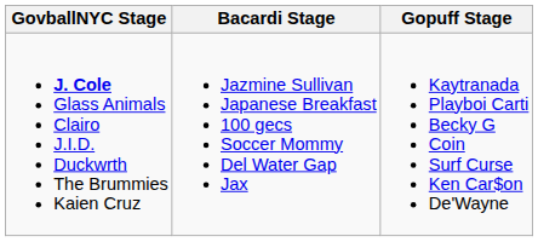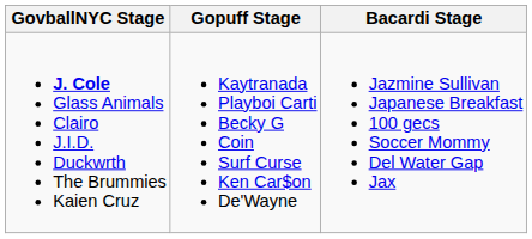 <table class="wikitable">
 <tr>
 <th>GovballNYC Stage</th>
+<th>Gopuff Stage</th>
 <th>Bacardi Stage</th>
-<th>Gopuff Stage</th>
 </tr>
 <tr valign="top">
 <td><br><ul><li><strong><a href='#'>J. Cole</a></strong></li><li><a href='#'>Glass Animals</a></li><li><a href='#'>Clairo</a></li><li><a href='#'>J.I.D.</a></li><li><a href='#'>Duckwrth</a></li><li>The Brummies</li><li>Kaien Cruz</li></ul></td>
+<td><br><ul><li><a href='#'>Kaytranada</a></li><li><a href='#'>Playboi Carti</a></li><li><a href='#'>Becky G</a></li><li><a href='#'>Coin</a></li><li><a href='#'>Surf Curse</a></li><li><a href='#'>Ken Car$on</a></li><li>De'Wayne</li></ul></td>
 <td><br><ul><li><a href='#'>Jazmine Sullivan</a></li><li><a href='#'>Japanese Breakfast</a></li><li><a href='#'>100 gecs</a></li><li><a href='#'>Soccer Mommy</a></li><li><a href='#'>Del Water Gap</a></li><li><a href='#'>Jax</a></li></ul></td>
-<td><br><ul><li><a href='#'>Kaytranada</a></li><li><a href='#'>Playboi Carti</a></li><li><a href='#'>Becky G</a></li><li><a href='#'>Coin</a></li><li><a href='#'>Surf Curse</a></li><li><a href='#'>Ken Car$on</a></li><li>De'Wayne</li></ul></td>
 </tr>
 </table>
